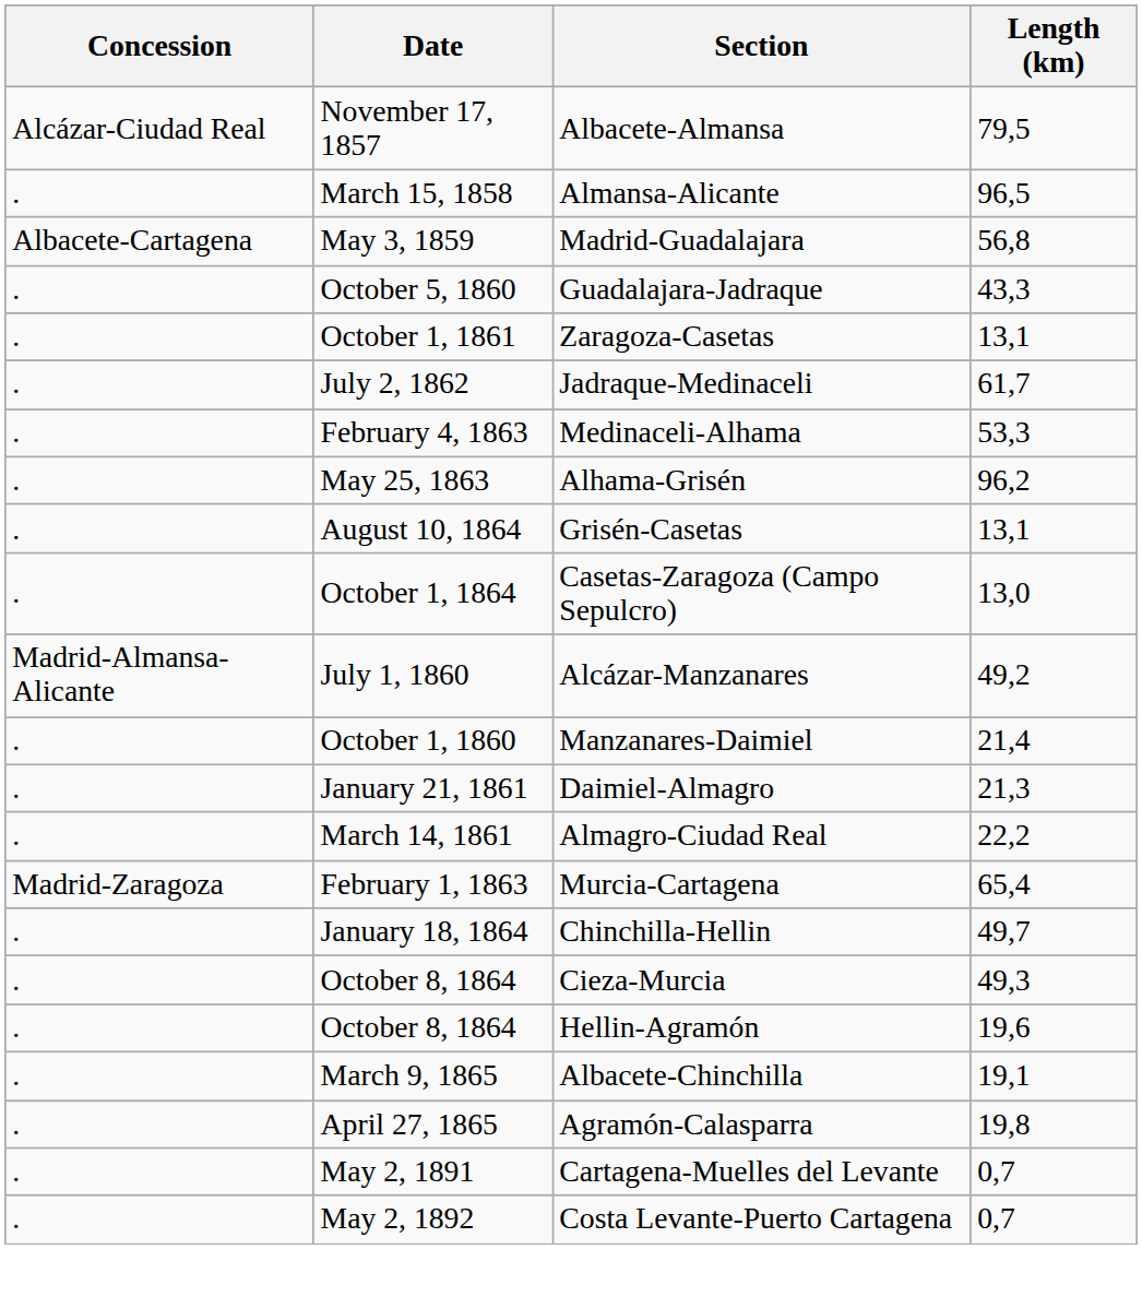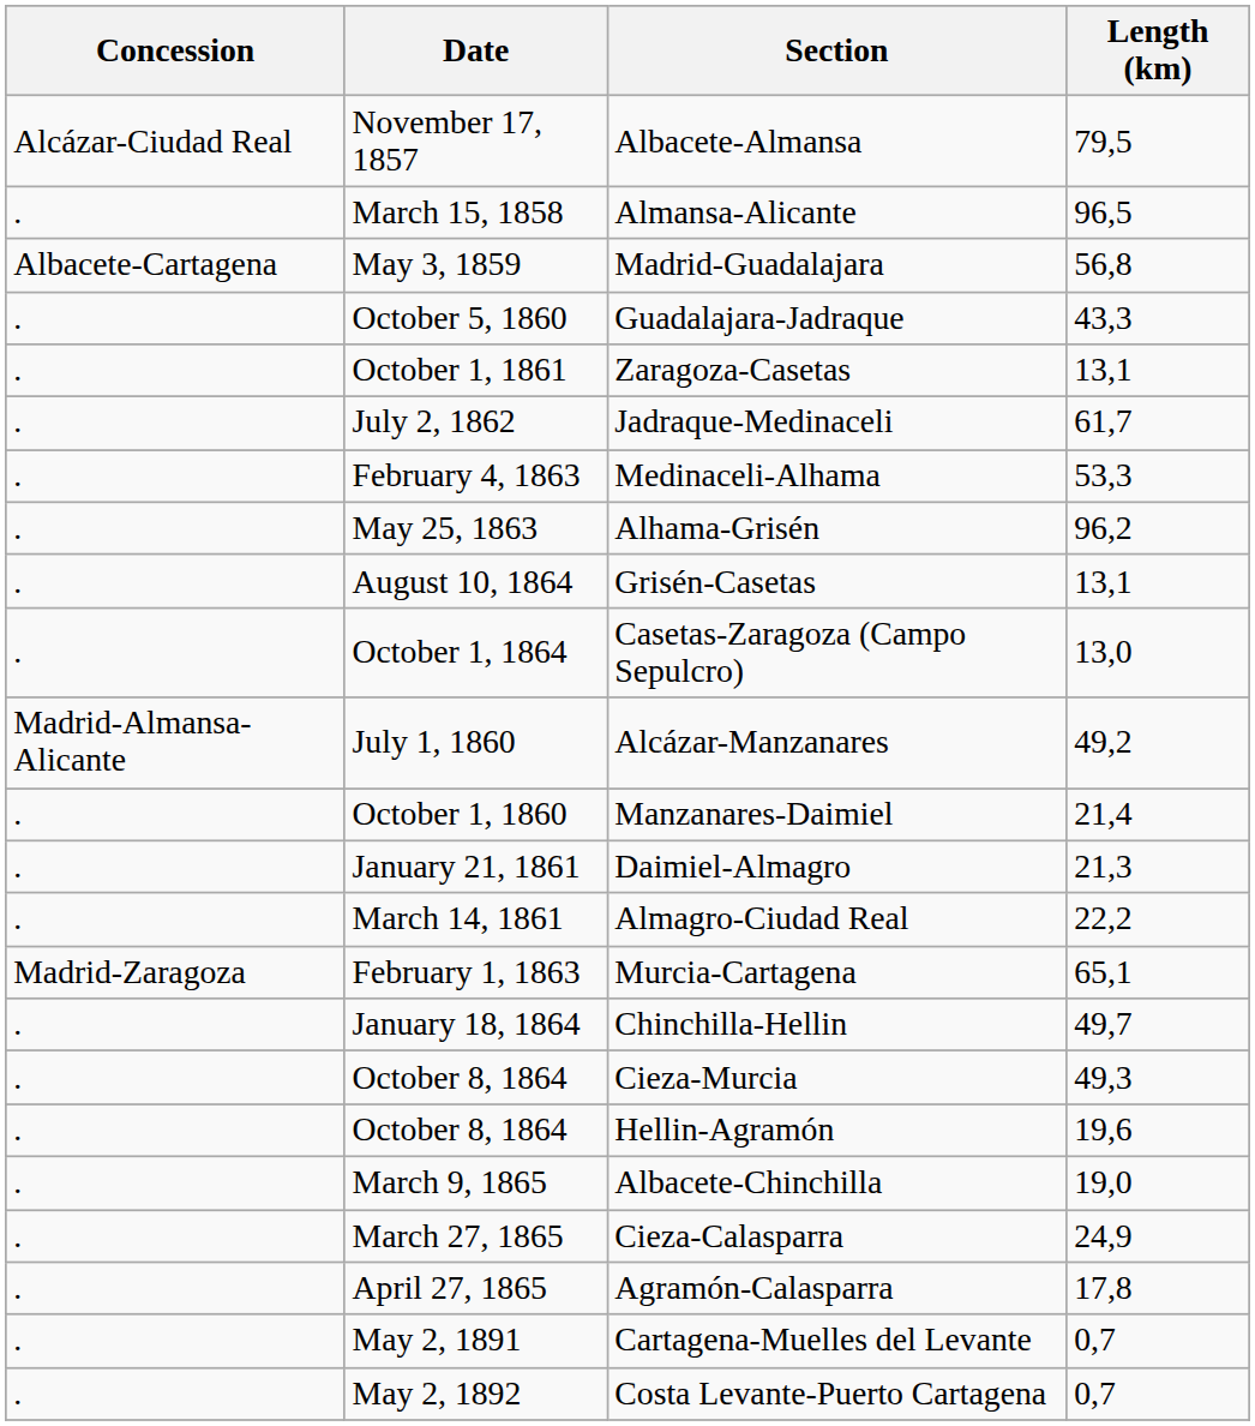 <table class="wikitable" width="600">
 <tr>
 <th>Concession</th>
 <th>Date</th>
 <th>Section</th>
 <th>Length (km)</th>
 </tr>
 <tr>
 <td>Alcázar-Ciudad Real</td>
 <td>November 17, 1857</td>
 <td>Albacete-Almansa</td>
 <td>79,5</td>
 </tr>
 <tr>
 <td>.</td>
 <td>March 15, 1858</td>
 <td>Almansa-Alicante</td>
 <td>96,5</td>
 </tr>
 <tr>
 <td>Albacete-Cartagena</td>
 <td>May 3, 1859</td>
 <td>Madrid-Guadalajara</td>
 <td>56,8</td>
 </tr>
 <tr>
 <td>.</td>
 <td>October 5, 1860</td>
 <td>Guadalajara-Jadraque</td>
 <td>43,3</td>
 </tr>
 <tr>
 <td>.</td>
 <td>October 1, 1861</td>
 <td>Zaragoza-Casetas</td>
 <td>13,1</td>
 </tr>
 <tr>
 <td>.</td>
 <td>July 2, 1862</td>
 <td>Jadraque-Medinaceli</td>
 <td>61,7</td>
 </tr>
 <tr>
 <td>.</td>
 <td>February 4, 1863</td>
 <td>Medinaceli-Alhama</td>
 <td>53,3</td>
 </tr>
 <tr>
 <td>.</td>
 <td>May 25, 1863</td>
 <td>Alhama-Grisén</td>
 <td>96,2</td>
 </tr>
 <tr>
 <td>.</td>
 <td>August 10, 1864</td>
 <td>Grisén-Casetas</td>
 <td>13,1</td>
 </tr>
 <tr>
 <td>.</td>
 <td>October 1, 1864</td>
 <td>Casetas-Zaragoza (Campo Sepulcro)</td>
 <td>13,0</td>
 </tr>
 <tr>
 <td>Madrid-Almansa-Alicante</td>
 <td>July 1, 1860</td>
 <td>Alcázar-Manzanares</td>
 <td>49,2</td>
 </tr>
 <tr>
 <td>.</td>
 <td>October 1, 1860</td>
 <td>Manzanares-Daimiel</td>
 <td>21,4</td>
 </tr>
 <tr>
 <td>.</td>
 <td>January 21, 1861</td>
 <td>Daimiel-Almagro</td>
 <td>21,3</td>
 </tr>
 <tr>
 <td>.</td>
 <td>March 14, 1861</td>
 <td>Almagro-Ciudad Real</td>
 <td>22,2</td>
 </tr>
 <tr>
 <td>Madrid-Zaragoza</td>
 <td>February 1, 1863</td>
 <td>Murcia-Cartagena</td>
-<td>65,4</td>
+<td>65,1</td>
 </tr>
 <tr>
 <td>.</td>
 <td>January 18, 1864</td>
 <td>Chinchilla-Hellin</td>
 <td>49,7</td>
 </tr>
 <tr>
 <td>.</td>
 <td>October 8, 1864</td>
 <td>Cieza-Murcia</td>
 <td>49,3</td>
 </tr>
 <tr>
 <td>.</td>
 <td>October 8, 1864</td>
 <td>Hellin-Agramón</td>
 <td>19,6</td>
 </tr>
 <tr>
 <td>.</td>
 <td>March 9, 1865</td>
 <td>Albacete-Chinchilla</td>
-<td>19,1</td>
+<td>19,0</td>
+</tr>
+<tr>
+<td>.</td>
+<td>March 27, 1865</td>
+<td>Cieza-Calasparra</td>
+<td>24,9</td>
 </tr>
 <tr>
 <td>.</td>
 <td>April 27, 1865</td>
 <td>Agramón-Calasparra</td>
-<td>19,8</td>
+<td>17,8</td>
 </tr>
 <tr>
 <td>.</td>
 <td>May 2, 1891</td>
 <td>Cartagena-Muelles del Levante</td>
 <td>0,7</td>
 </tr>
 <tr>
 <td>.</td>
 <td>May 2, 1892</td>
 <td>Costa Levante-Puerto Cartagena</td>
 <td>0,7</td>
 </tr>
 </table>
